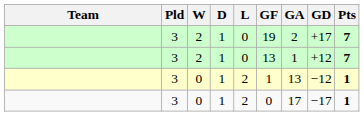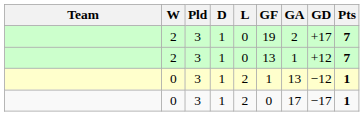 <table class="wikitable" style="text-align:center;">
 <tr>
 <th width=180>Team</th>
+<th width=20>W</th>
 <th width=20>Pld</th>
-<th width=20>W</th>
 <th width=20>D</th>
 <th width=20>L</th>
 <th width=20>GF</th>
 <th width=20>GA</th>
 <th width=20>GD</th>
 <th width=20>Pts</th>
 </tr>
 <tr bgcolor="ccffcc">
 <td align="left"></td>
+<td>2</td>
 <td>3</td>
-<td>2</td>
 <td>1</td>
 <td>0</td>
 <td>19</td>
 <td>2</td>
 <td>+17</td>
 <td><strong>7</strong></td>
 </tr>
 <tr bgcolor="ccffcc">
 <td align="left"><em></em></td>
+<td>2</td>
 <td>3</td>
-<td>2</td>
 <td>1</td>
 <td>0</td>
 <td>13</td>
 <td>1</td>
 <td>+12</td>
 <td><strong>7</strong></td>
 </tr>
 <tr bgcolor="ffffcc">
 <td align="left"></td>
+<td>0</td>
 <td>3</td>
-<td>0</td>
 <td>1</td>
 <td>2</td>
 <td>1</td>
 <td>13</td>
 <td>−12</td>
 <td><strong>1</strong></td>
 </tr>
 <tr>
 <td align="left"></td>
+<td>0</td>
 <td>3</td>
-<td>0</td>
 <td>1</td>
 <td>2</td>
 <td>0</td>
 <td>17</td>
 <td>−17</td>
 <td><strong>1</strong></td>
 </tr>
 </table>
